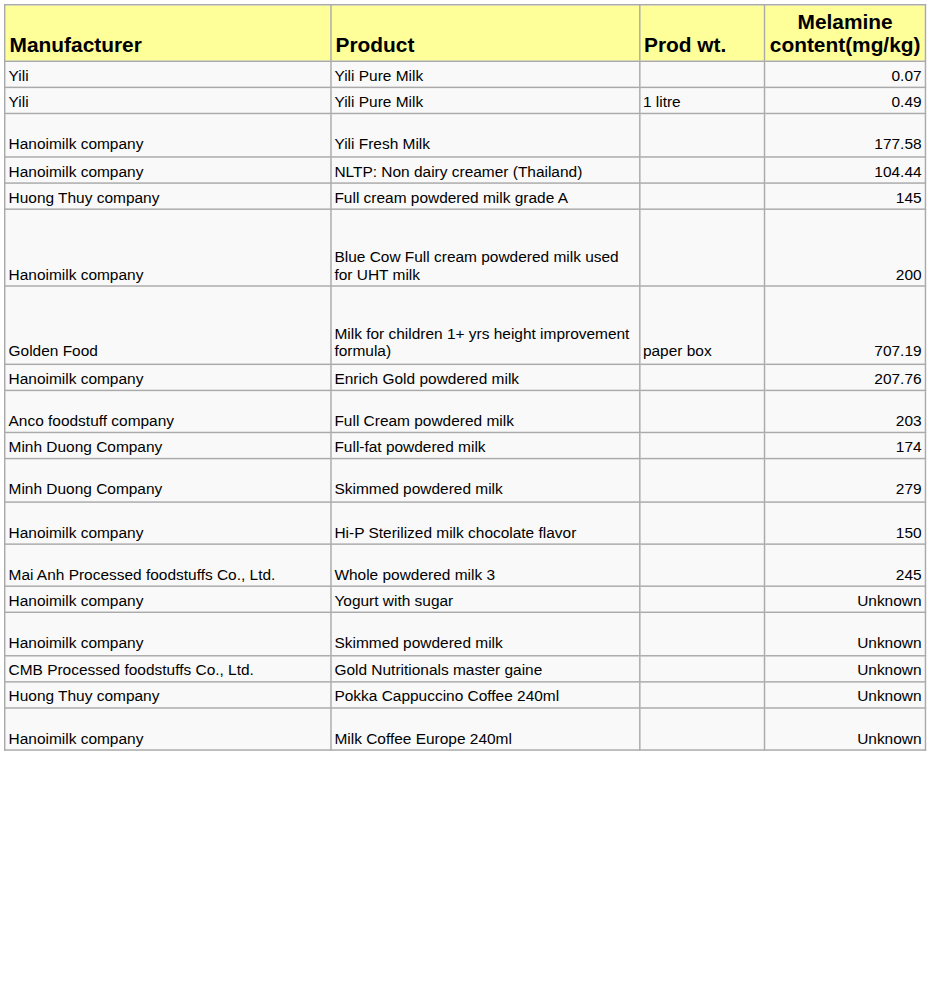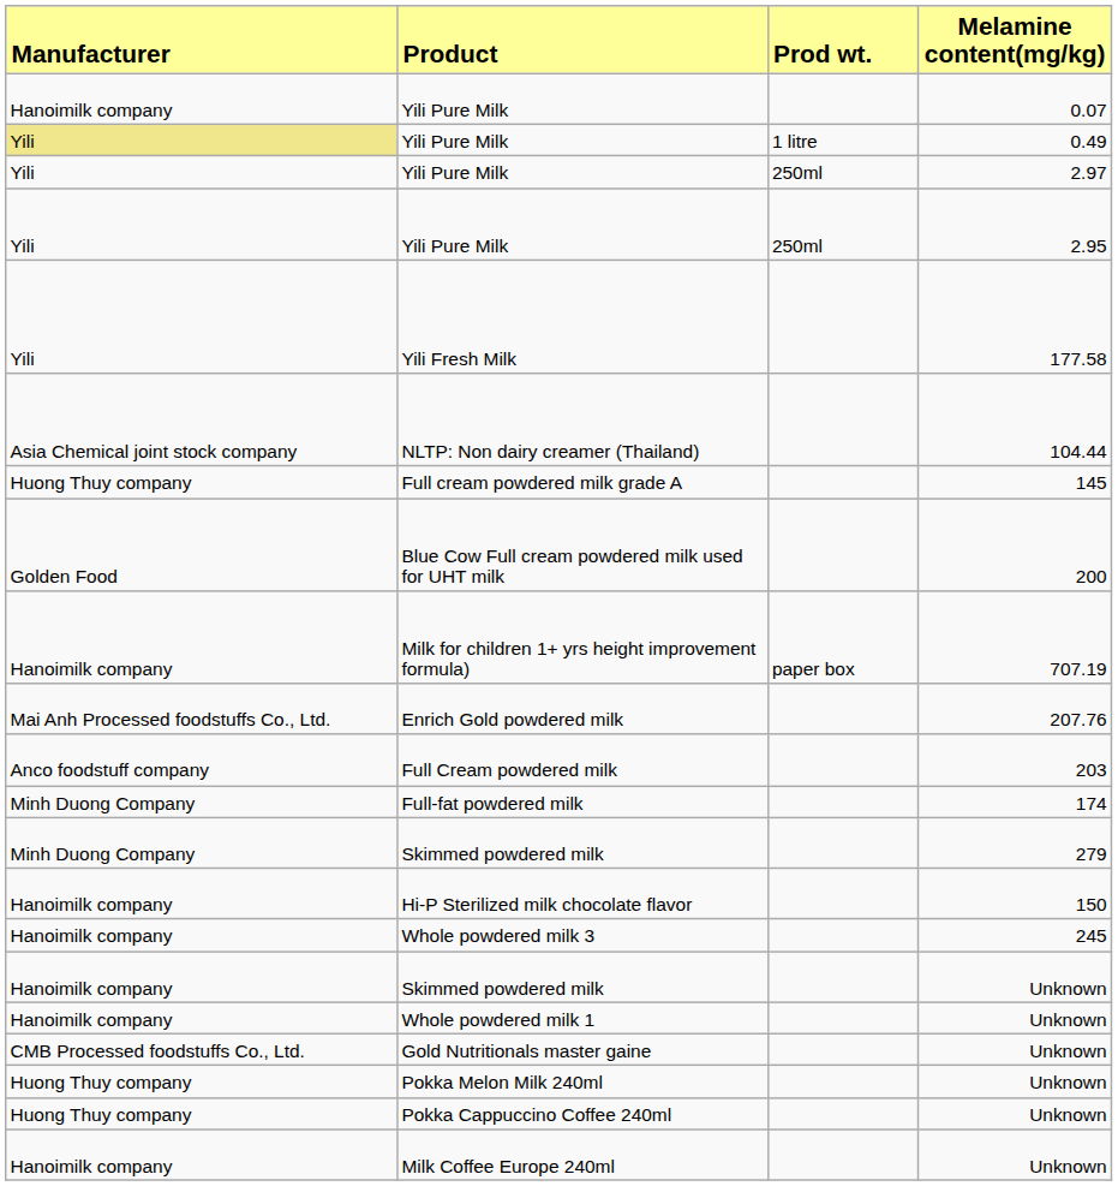 <table class="wikitable sortable" style="font-size: 90%">
 <tr style="background-color:#FFFF99;font-weight:bold">
 <td width="218" height="23" valign="bottom">Manufacturer</td>
 <td width="206"  valign="bottom">Product</td>
 <td width="80"  valign="bottom">Prod wt.</td>
 <td width="66" align="center" valign="bottom">Melamine<br>content(mg/kg)</td>
 </tr>
 <tr style="font-size:8pt">
-<td style="text-decoration:none" height="13"  valign="bottom">Yili</td>
+<td height="24"  valign="bottom">Hanoimilk company</td>
 <td valign="bottom">Yili Pure Milk</td>
 <td valign="bottom"> </td>
 <td align="right" valign="bottom">0.07</td>
 </tr>
 <tr style="font-size:8pt">
-<td height="13"  valign="bottom">Yili</td>
+<td height="13"  valign="bottom" style="background: khaki;">Yili</td>
 <td valign="bottom">Yili Pure Milk</td>
 <td valign="bottom">1 litre</td>
 <td align="right" valign="bottom">0.49</td>
 </tr>
 <tr style="font-size:8pt">
-<td height="24"  valign="bottom">Hanoimilk company</td>
+<td height="13"  valign="bottom">Yili</td>
+<td valign="bottom">Yili Pure Milk</td>
+<td valign="bottom">250ml</td>
+<td align="right" valign="bottom">2.97</td>
+</tr>
+<tr style="font-size:8pt">
+<td height="36"  valign="bottom">Yili</td>
+<td valign="bottom">Yili Pure Milk</td>
+<td valign="bottom">250ml</td>
+<td align="right" valign="bottom">2.95</td>
+</tr>
+<tr style="font-size:8pt">
+<td height="60"  valign="bottom">Yili</td>
 <td valign="bottom">Yili Fresh Milk</td>
 <td valign="bottom"> </td>
 <td align="right" valign="bottom">177.58</td>
 </tr>
 <tr style="font-size:8pt">
-<td height="13"  valign="bottom">Hanoimilk company</td>
+<td height="48"  valign="bottom">Asia Chemical joint stock company</td>
 <td valign="bottom">NLTP: Non dairy creamer (Thailand)</td>
 <td valign="bottom"> </td>
 <td align="right" valign="bottom">104.44</td>
 </tr>
 <tr style="font-size:8pt">
 <td height="13"  valign="bottom">Huong Thuy company</td>
 <td valign="bottom">Full cream powdered milk grade A</td>
 <td valign="bottom"> </td>
 <td align="right" valign="bottom">145</td>
 </tr>
 <tr style="font-size:8pt">
-<td height="48"  valign="bottom">Hanoimilk company</td>
+<td height="48"  valign="bottom">Golden Food</td>
 <td valign="bottom">Blue Cow Full cream powdered milk used for UHT milk</td>
 <td valign="bottom"> </td>
 <td align="right" valign="bottom">200</td>
 </tr>
 <tr style="font-size:8pt">
-<td height="48"  valign="bottom">Golden Food</td>
+<td height="48"  valign="bottom">Hanoimilk company</td>
 <td valign="bottom">Milk for children 1+ yrs height improvement formula)</td>
 <td valign="bottom">paper box</td>
 <td align="right" valign="bottom">707.19</td>
 </tr>
 <tr style="font-size:8pt">
-<td height="13"  valign="bottom">Hanoimilk company</td>
+<td height="24"  valign="bottom">Mai Anh Processed foodstuffs Co., Ltd.</td>
 <td valign="bottom">Enrich Gold powdered milk</td>
 <td valign="bottom"> </td>
 <td align="right" valign="bottom">207.76</td>
 </tr>
 <tr style="font-size:8pt">
 <td height="24"  valign="bottom">Anco foodstuff company</td>
 <td valign="bottom">Full Cream powdered milk</td>
 <td valign="bottom"> </td>
 <td align="right" valign="bottom">203</td>
 </tr>
 <tr style="font-size:8pt">
 <td height="13"  valign="bottom">Minh Duong Company</td>
 <td valign="bottom">Full-fat powdered milk</td>
 <td valign="bottom"> </td>
 <td align="right" valign="bottom">174</td>
 </tr>
 <tr style="font-size:8pt">
 <td height="24"  valign="bottom">Minh Duong Company</td>
 <td valign="bottom">Skimmed powdered milk</td>
 <td valign="bottom"> </td>
 <td align="right" valign="bottom">279</td>
 </tr>
 <tr style="font-size:8pt">
 <td height="24"  valign="bottom">Hanoimilk company</td>
 <td valign="bottom">Hi-P Sterilized milk chocolate flavor</td>
 <td valign="bottom"> </td>
 <td align="right" valign="bottom">150</td>
 </tr>
 <tr style="font-size:8pt">
-<td height="24"  valign="bottom">Mai Anh Processed foodstuffs Co., Ltd.</td>
+<td height="13"  valign="bottom">Hanoimilk company</td>
 <td valign="bottom">Whole powdered milk 3</td>
 <td valign="bottom"> </td>
 <td align="right" valign="bottom">245</td>
-</tr>
-<tr style="font-size:8pt">
-<td height="13"  valign="bottom">Hanoimilk company</td>
-<td valign="bottom">Yogurt with sugar</td>
-<td valign="bottom"> </td>
-<td align="right" valign="bottom">Unknown</td>
 </tr>
 <tr style="font-size:8pt">
 <td height="24"  valign="bottom">Hanoimilk company</td>
 <td valign="bottom">Skimmed powdered milk</td>
 <td valign="bottom"> </td>
 <td align="right" valign="bottom">Unknown</td>
 </tr>
 <tr style="font-size:8pt">
+<td height="13"  valign="bottom">Hanoimilk company</td>
+<td valign="bottom">Whole powdered milk 1</td>
+<td valign="bottom"> </td>
+<td align="right" valign="bottom">Unknown</td>
+</tr>
+<tr style="font-size:8pt">
 <td height="13"  valign="bottom">CMB Processed foodstuffs Co., Ltd.</td>
 <td valign="bottom">Gold Nutritionals master gaine</td>
+<td valign="bottom"> </td>
+<td align="right" valign="bottom">Unknown</td>
+</tr>
+<tr style="font-size:8pt">
+<td height="13"  valign="bottom">Huong Thuy company</td>
+<td valign="bottom">Pokka Melon Milk 240ml</td>
 <td valign="bottom"> </td>
 <td align="right" valign="bottom">Unknown</td>
 </tr>
 <tr style="font-size:8pt">
 <td height="13"  valign="bottom">Huong Thuy company</td>
 <td valign="bottom">Pokka Cappuccino Coffee 240ml</td>
 <td valign="bottom"> </td>
 <td align="right" valign="bottom">Unknown</td>
 </tr>
 <tr style="font-size:8pt">
 <td height="24"  valign="bottom">Hanoimilk company</td>
 <td valign="bottom">Milk Coffee Europe 240ml</td>
 <td valign="bottom"> </td>
 <td align="right" valign="bottom">Unknown</td>
 </tr>
 </table>
